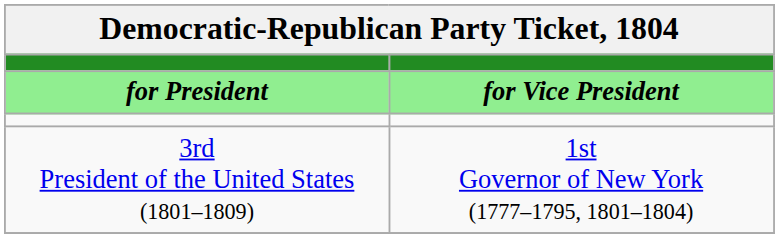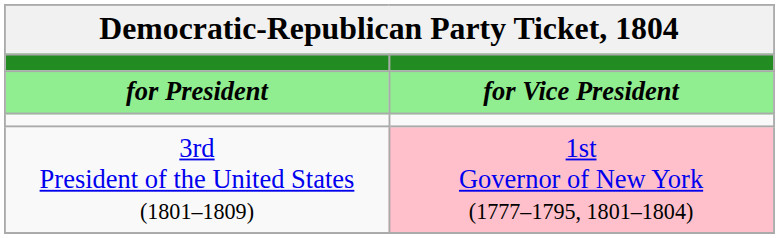 <table class="wikitable" style="font-size:90%; text-align:center;">
 <tr>
 <td style="background:#f1f1f1;" colspan="30"><big><strong>Democratic-Republican Party Ticket, 1804</strong></big></td>
 </tr>
 <tr>
 <th style="width:3em; font-size:135%; background:#228B22; width:200px;"><a href='#'></a></th>
 <th style="width:3em; font-size:135%; background:#228B22; width:200px;"><a href='#'></a></th>
 </tr>
 <tr>
 <td style="width:3em; font-size:100%; color:#000; background:#90EE90; width:200px;"><strong><em>for President</em></strong></td>
 <td style="width:3em; font-size:100%; color:#000; background:#90EE90; width:200px;"><strong><em>for Vice President</em></strong></td>
 </tr>
 <tr>
 <td></td>
 <td></td>
 </tr>
 <tr>
 <td><a href='#'>3rd</a><br><a href='#'>President of the United States</a><br><small>(1801–1809)</small></td>
-<td><a href='#'>1st</a><br><a href='#'>Governor of New York</a><br><small>(1777–1795, 1801–1804)</small></td>
+<td style="background: pink;"><a href='#'>1st</a><br><a href='#'>Governor of New York</a><br><small>(1777–1795, 1801–1804)</small></td>
 </tr>
 <tr>
 </tr>
 </table>
